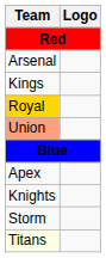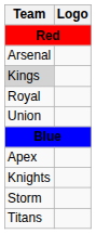 <table class="wikitable">
 <tr>
 <th>Team</th>
 <th>Logo</th>
 </tr>
 <tr>
 <th style=background-color:red colspan=3><span>Red </span></th>
 </tr>
 <tr>
 <td>Arsenal</td>
 <td></td>
 </tr>
 <tr>
-<td>Kings</td>
+<td style="background: lightgrey;">Kings</td>
 <td></td>
 </tr>
 <tr>
-<td style="background: gold;">Royal</td>
+<td>Royal</td>
 <td></td>
 </tr>
 <tr>
-<td style="background: lightsalmon;">Union</td>
+<td>Union</td>
 <td></td>
 </tr>
 <tr>
 <th style=background-color:blue colspan=3><span>Blue </span></th>
 </tr>
 <tr>
 <td>Apex</td>
 <td></td>
 </tr>
 <tr>
 <td>Knights</td>
 <td></td>
 </tr>
 <tr>
 <td>Storm</td>
 <td></td>
 </tr>
 <tr>
-<td style="background: lightyellow;">Titans</td>
+<td>Titans</td>
 <td></td>
 </tr>
 </table>
